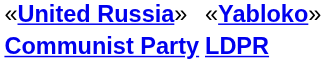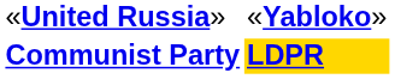 <table border=0>
 <tr>
 <td><div><div>«<strong><a href='#'>United Russia</a></strong>»</div></div></td>
 <td><div><div>«<strong><a href='#'>Yabloko</a></strong>»</div></div></td>
 </tr>
 <tr>
 <td><div><div><strong><a href='#'>Communist Party</a></strong></div></div></td>
-<td><div><div><strong><a href='#'>LDPR</a></strong></div></div></td>
+<td style="background: gold;"><div><div><strong><a href='#'>LDPR</a></strong></div></div></td>
 </tr>
 </table>
